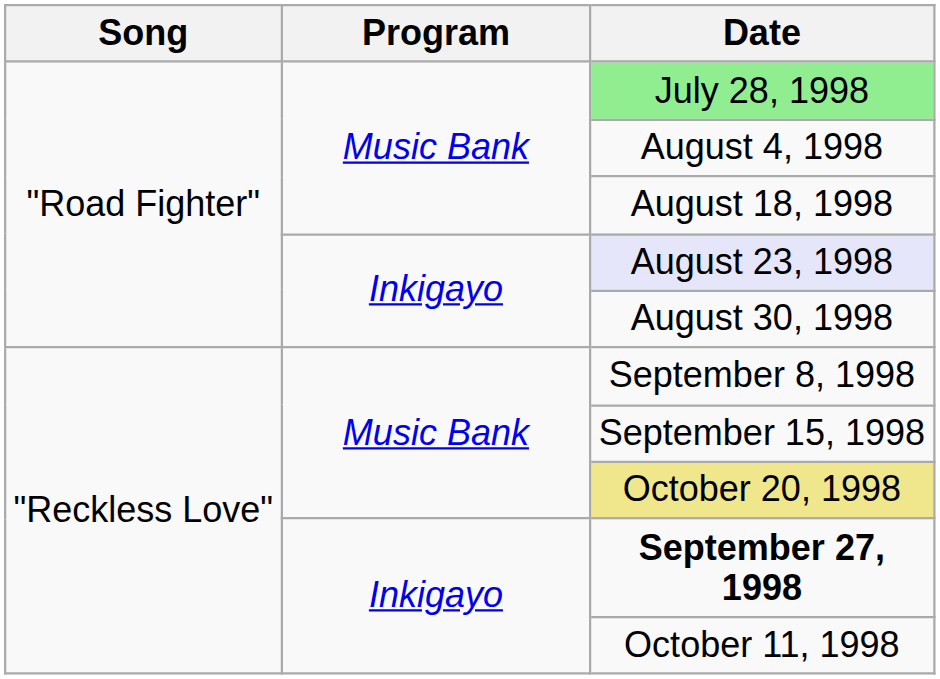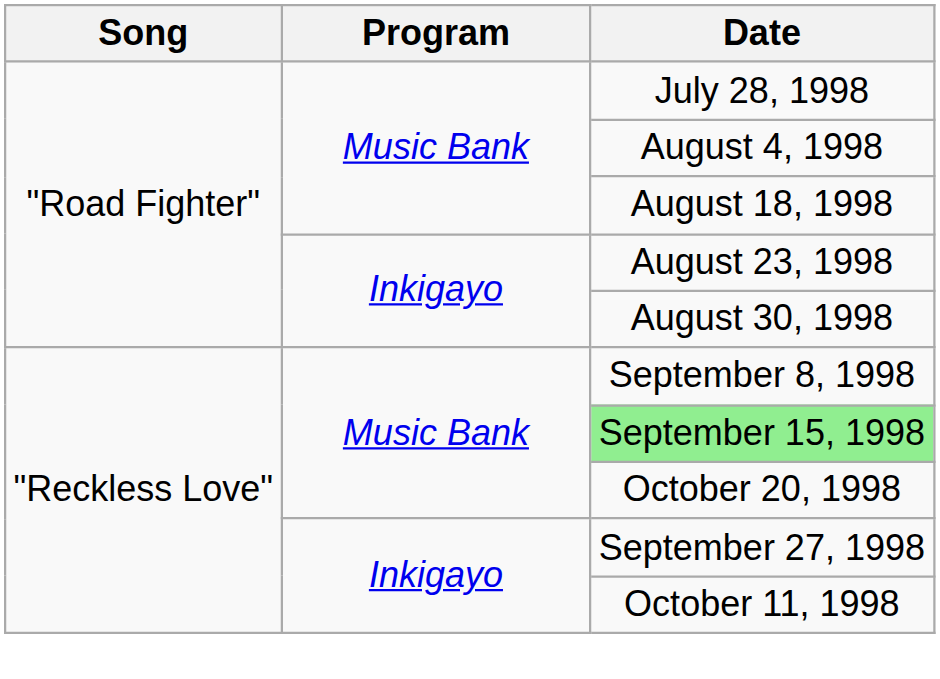 <table class="wikitable" style="text-align:center">
 <tr>
 <th>Song</th>
 <th style="width:130px;">Program</th>
 <th style="width:145px;">Date</th>
 </tr>
 <tr>
 <td rowspan="5">"Road Fighter"</td>
 <td rowspan="3"><em><a href='#'>Music Bank</a></em></td>
-<td style="background: lightgreen;">July 28, 1998</td>
+<td>July 28, 1998</td>
 </tr>
 <tr>
 <td>August 4, 1998</td>
 </tr>
 <tr>
 <td>August 18, 1998</td>
 </tr>
 <tr>
 <td rowspan="2"><em><a href='#'>Inkigayo</a></em></td>
-<td style="background: lavender;">August 23, 1998</td>
+<td>August 23, 1998</td>
 </tr>
 <tr>
 <td>August 30, 1998</td>
 </tr>
 <tr>
 <td rowspan="5">"Reckless Love"</td>
 <td rowspan="3"><em><a href='#'>Music Bank</a></em></td>
 <td>September 8, 1998</td>
 </tr>
 <tr>
-<td>September 15, 1998</td>
+<td style="background: lightgreen;">September 15, 1998</td>
 </tr>
 <tr>
-<td style="background: khaki;">October 20, 1998</td>
+<td>October 20, 1998</td>
 </tr>
 <tr>
 <td rowspan="2"><em><a href='#'>Inkigayo</a></em></td>
-<td><strong>September 27, 1998</strong></td>
+<td>September 27, 1998</td>
 </tr>
 <tr>
 <td>October 11, 1998</td>
 </tr>
 </table>
